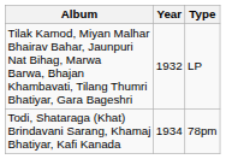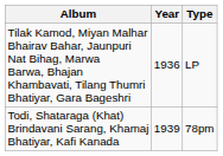 <table class="wikitable">
 <tr>
 <th>Album</th>
 <th>Year</th>
 <th>Type</th>
 </tr>
 <tr>
 <td>Tilak Kamod, Miyan Malhar<br>Bhairav Bahar, Jaunpuri <br>Nat Bihag, Marwa <br> Barwa, Bhajan<br>Khambavati, Tilang Thumri <br>Bhatiyar, Gara Bageshri</td>
-<td>1932</td>
+<td>1936</td>
 <td>LP</td>
 </tr>
 <tr>
 <td>Todi, Shataraga (Khat)<br>Brindavani Sarang, Khamaj<br>Bhatiyar, Kafi Kanada</td>
-<td>1934</td>
+<td>1939</td>
 <td>78pm</td>
 </tr>
 </table>
